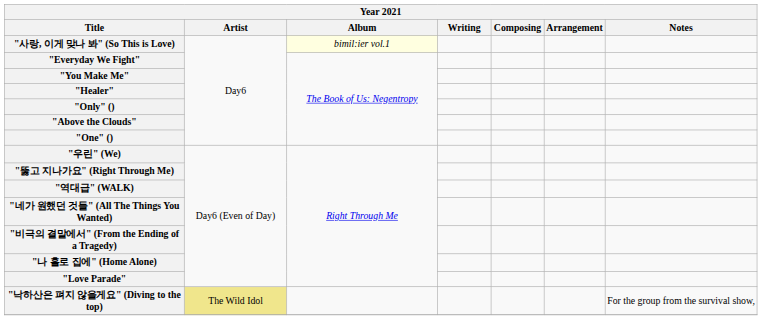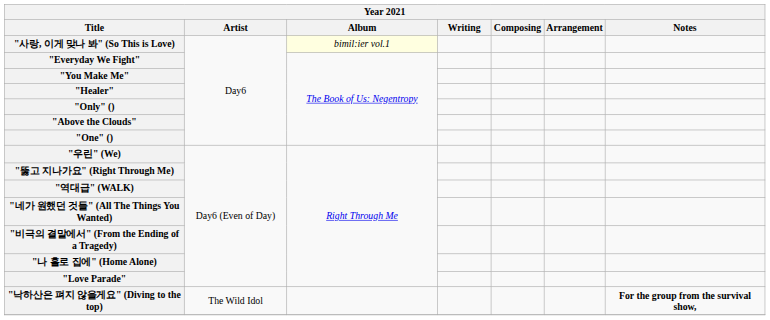 <table class="wikitable plainrowheaders collapsible collapsed" style="text-align:center">
 <tr>
 <th colspan="7">Year 2021</th>
 </tr>
 <tr>
 <th scope="col" style="width:18em;">Title</th>
 <th scope="col" style="width:10em;">Artist</th>
 <th scope="col" style="width:15em;">Album</th>
 <th scope="col" style="width:5em;">Writing</th>
 <th scope="col" style="width:5em;">Composing</th>
 <th scope="col" style="width:5em;">Arrangement</th>
 <th scope="col">Notes</th>
 </tr>
 <tr>
 <th scope="row">"사랑, 이게 맞나 봐" (So This is Love)</th>
 <td rowspan="7">Day6</td>
 <td style="background: lightyellow;"><em>bimil:ier vol.1</em></td>
 <td></td>
 <td></td>
 <td></td>
 <td></td>
 </tr>
 <tr>
 <th scope="row">"Everyday We Fight"</th>
 <td rowspan="6"><em><a href='#'>The Book of Us: Negentropy</a></em></td>
 <td></td>
 <td></td>
 <td></td>
 <td></td>
 </tr>
 <tr>
 <th scope="row">"You Make Me"</th>
 <td></td>
 <td></td>
 <td></td>
 <td></td>
 </tr>
 <tr>
 <th scope="row">"Healer"</th>
 <td></td>
 <td></td>
 <td></td>
 <td></td>
 </tr>
 <tr>
 <th scope="row">"Only" ()</th>
 <td></td>
 <td></td>
 <td></td>
 <td></td>
 </tr>
 <tr>
 <th scope="row">"Above the Clouds"</th>
 <td></td>
 <td></td>
 <td></td>
 <td></td>
 </tr>
 <tr>
 <th scope="row">"One" ()</th>
 <td></td>
 <td></td>
 <td></td>
 <td></td>
 </tr>
 <tr>
 <th scope="row">"우린" (We)</th>
 <td rowspan="7">Day6 (Even of Day)</td>
 <td rowspan="7"><em><a href='#'>Right Through Me</a></em></td>
 <td></td>
 <td></td>
 <td></td>
 <td></td>
 </tr>
 <tr>
 <th scope="row">"뚫고 지나가요" (Right Through Me)</th>
 <td></td>
 <td></td>
 <td></td>
 <td></td>
 </tr>
 <tr>
 <th scope="row">"역대급" (WALK)</th>
 <td></td>
 <td></td>
 <td></td>
 <td></td>
 </tr>
 <tr>
 <th scope="row">"네가 원했던 것들" (All The Things You Wanted)</th>
 <td></td>
 <td></td>
 <td></td>
 <td></td>
 </tr>
 <tr>
 <th scope="row">"비극의 결말에서" (From the Ending of a Tragedy)</th>
 <td></td>
 <td></td>
 <td></td>
 <td></td>
 </tr>
 <tr>
 <th scope="row">"나 홀로 집에" (Home Alone)</th>
 <td></td>
 <td></td>
 <td></td>
 <td></td>
 </tr>
 <tr>
 <th scope="row">"Love Parade"</th>
 <td></td>
 <td></td>
 <td></td>
 <td></td>
 </tr>
 <tr>
 <th scope="row">"낙하산은 펴지 않을게요" (Diving to the top)</th>
-<td style="background: khaki;">The Wild Idol</td>
+<td>The Wild Idol</td>
 <td></td>
 <td></td>
 <td></td>
 <td></td>
-<td>For the group from the survival show, <em></em></td>
+<td><strong>For the group from the survival show, <em></em></strong></td>
 </tr>
 <tr>
 </tr>
 </table>
